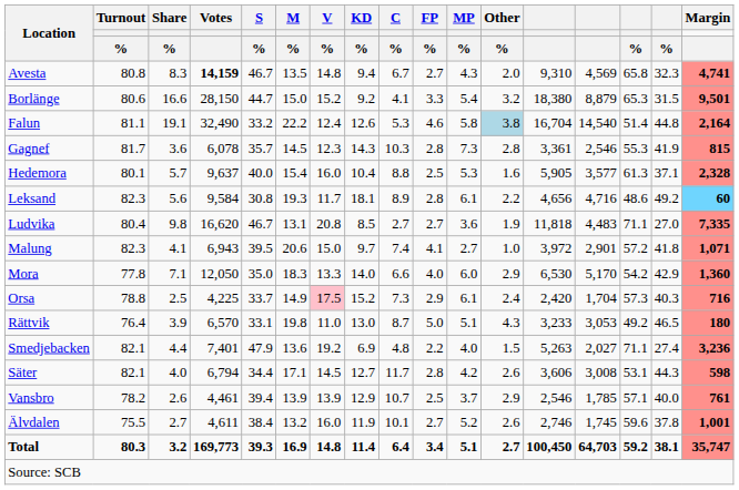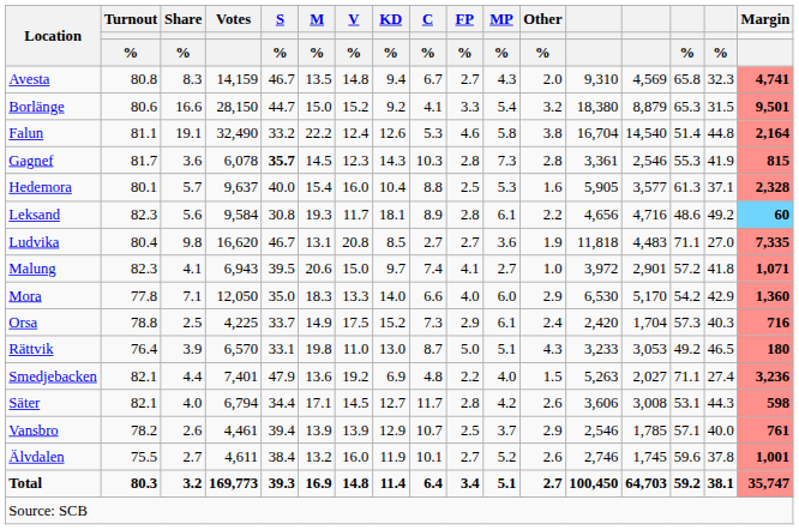 <table class="wikitable sortable" style="text-align:right; font-size:95%; line-height:20px;">
 <tr>
 <th rowspan="3">Location</th>
 <th>Turnout</th>
 <th>Share</th>
 <th>Votes</th>
 <th width="30px" class="unsortable"><a href='#'>S</a></th>
 <th width="30px" class="unsortable"><a href='#'>M</a></th>
 <th width="30px" class="unsortable"><a href='#'>V</a></th>
 <th width="30px" class="unsortable"><a href='#'>KD</a></th>
 <th width="30px" class="unsortable"><a href='#'>C</a></th>
 <th width="30px" class="unsortable"><a href='#'>FP</a></th>
 <th width="30px" class="unsortable"><a href='#'>MP</a></th>
 <th width="30px" class="unsortable">Other</th>
 <th></th>
 <th></th>
 <th></th>
 <th></th>
 <th>Margin</th>
 </tr>
 <tr>
 <th></th>
 <th></th>
 <th></th>
 <th style="background:"></th>
 <th style="background:"></th>
 <th style="background:"></th>
 <th style="background:"></th>
 <th style="background:"></th>
 <th style="background:"></th>
 <th style="background:"></th>
 <th style="background:"></th>
 <th style="background:"></th>
 <th style="background:"></th>
 <th style="background:"></th>
 <th style="background:"></th>
 </tr>
 <tr>
 <th data-sort-type="number">%</th>
 <th data-sort-type="number">%</th>
 <th></th>
 <th data-sort-type="number">%</th>
 <th data-sort-type="number">%</th>
 <th data-sort-type="number">%</th>
 <th data-sort-type="number">%</th>
 <th data-sort-type="number">%</th>
 <th data-sort-type="number">%</th>
 <th data-sort-type="number">%</th>
 <th data-sort-type="number">%</th>
 <th data-sort-type="number"></th>
 <th data-sort-type="number"></th>
 <th data-sort-type="number">%</th>
 <th data-sort-type="number">%</th>
 <th data-sort-type="number"></th>
 </tr>
 <tr>
 <td align=left><a href='#'>Avesta</a></td>
 <td>80.8</td>
 <td>8.3</td>
-<td><strong>14,159</strong></td>
+<td>14,159</td>
 <td>46.7</td>
 <td>13.5</td>
 <td>14.8</td>
 <td>9.4</td>
 <td>6.7</td>
 <td>2.7</td>
 <td>4.3</td>
 <td>2.0</td>
 <td>9,310</td>
 <td>4,569</td>
 <td>65.8</td>
 <td>32.3</td>
 <td bgcolor=#ff908c><strong>4,741</strong></td>
 </tr>
 <tr>
 <td align=left><a href='#'>Borlänge</a></td>
 <td>80.6</td>
 <td>16.6</td>
 <td>28,150</td>
 <td>44.7</td>
 <td>15.0</td>
 <td>15.2</td>
 <td>9.2</td>
 <td>4.1</td>
 <td>3.3</td>
 <td>5.4</td>
 <td>3.2</td>
 <td>18,380</td>
 <td>8,879</td>
 <td>65.3</td>
 <td>31.5</td>
 <td bgcolor=#ff908c><strong>9,501</strong></td>
 </tr>
 <tr>
 <td align=left><a href='#'>Falun</a></td>
 <td>81.1</td>
 <td>19.1</td>
 <td>32,490</td>
 <td>33.2</td>
 <td>22.2</td>
 <td>12.4</td>
 <td>12.6</td>
 <td>5.3</td>
 <td>4.6</td>
 <td>5.8</td>
-<td style="background: lightblue;">3.8</td>
+<td>3.8</td>
 <td>16,704</td>
 <td>14,540</td>
 <td>51.4</td>
 <td>44.8</td>
 <td bgcolor=#ff908c><strong>2,164</strong></td>
 </tr>
 <tr>
 <td align=left><a href='#'>Gagnef</a></td>
 <td>81.7</td>
 <td>3.6</td>
 <td>6,078</td>
-<td>35.7</td>
+<td><strong>35.7</strong></td>
 <td>14.5</td>
 <td>12.3</td>
 <td>14.3</td>
 <td>10.3</td>
 <td>2.8</td>
 <td>7.3</td>
 <td>2.8</td>
 <td>3,361</td>
 <td>2,546</td>
 <td>55.3</td>
 <td>41.9</td>
 <td bgcolor=#ff908c><strong>815</strong></td>
 </tr>
 <tr>
 <td align=left><a href='#'>Hedemora</a></td>
 <td>80.1</td>
 <td>5.7</td>
 <td>9,637</td>
 <td>40.0</td>
 <td>15.4</td>
 <td>16.0</td>
 <td>10.4</td>
 <td>8.8</td>
 <td>2.5</td>
 <td>5.3</td>
 <td>1.6</td>
 <td>5,905</td>
 <td>3,577</td>
 <td>61.3</td>
 <td>37.1</td>
 <td bgcolor=#ff908c><strong>2,328</strong></td>
 </tr>
 <tr>
 <td align=left><a href='#'>Leksand</a></td>
 <td>82.3</td>
 <td>5.6</td>
 <td>9,584</td>
 <td>30.8</td>
 <td>19.3</td>
 <td>11.7</td>
 <td>18.1</td>
 <td>8.9</td>
 <td>2.8</td>
 <td>6.1</td>
 <td>2.2</td>
 <td>4,656</td>
 <td>4,716</td>
 <td>48.6</td>
 <td>49.2</td>
 <td bgcolor=#6fd5fe><strong>60</strong></td>
 </tr>
 <tr>
 <td align=left><a href='#'>Ludvika</a></td>
 <td>80.4</td>
 <td>9.8</td>
 <td>16,620</td>
 <td>46.7</td>
 <td>13.1</td>
 <td>20.8</td>
 <td>8.5</td>
 <td>2.7</td>
 <td>2.7</td>
 <td>3.6</td>
 <td>1.9</td>
 <td>11,818</td>
 <td>4,483</td>
 <td>71.1</td>
 <td>27.0</td>
 <td bgcolor=#ff908c><strong>7,335</strong></td>
 </tr>
 <tr>
 <td align=left><a href='#'>Malung</a></td>
 <td>82.3</td>
 <td>4.1</td>
 <td>6,943</td>
 <td>39.5</td>
 <td>20.6</td>
 <td>15.0</td>
 <td>9.7</td>
 <td>7.4</td>
 <td>4.1</td>
 <td>2.7</td>
 <td>1.0</td>
 <td>3,972</td>
 <td>2,901</td>
 <td>57.2</td>
 <td>41.8</td>
 <td bgcolor=#ff908c><strong>1,071</strong></td>
 </tr>
 <tr>
 <td align=left><a href='#'>Mora</a></td>
 <td>77.8</td>
 <td>7.1</td>
 <td>12,050</td>
 <td>35.0</td>
 <td>18.3</td>
 <td>13.3</td>
 <td>14.0</td>
 <td>6.6</td>
 <td>4.0</td>
 <td>6.0</td>
 <td>2.9</td>
 <td>6,530</td>
 <td>5,170</td>
 <td>54.2</td>
 <td>42.9</td>
 <td bgcolor=#ff908c><strong>1,360</strong></td>
 </tr>
 <tr>
 <td align=left><a href='#'>Orsa</a></td>
 <td>78.8</td>
 <td>2.5</td>
 <td>4,225</td>
 <td>33.7</td>
 <td>14.9</td>
-<td style="background: pink;">17.5</td>
+<td>17.5</td>
 <td>15.2</td>
 <td>7.3</td>
 <td>2.9</td>
 <td>6.1</td>
 <td>2.4</td>
 <td>2,420</td>
 <td>1,704</td>
 <td>57.3</td>
 <td>40.3</td>
 <td bgcolor=#ff908c><strong>716</strong></td>
 </tr>
 <tr>
 <td align=left><a href='#'>Rättvik</a></td>
 <td>76.4</td>
 <td>3.9</td>
 <td>6,570</td>
 <td>33.1</td>
 <td>19.8</td>
 <td>11.0</td>
 <td>13.0</td>
 <td>8.7</td>
 <td>5.0</td>
 <td>5.1</td>
 <td>4.3</td>
 <td>3,233</td>
 <td>3,053</td>
 <td>49.2</td>
 <td>46.5</td>
 <td bgcolor=#ff908c><strong>180</strong></td>
 </tr>
 <tr>
 <td align=left><a href='#'>Smedjebacken</a></td>
 <td>82.1</td>
 <td>4.4</td>
 <td>7,401</td>
 <td>47.9</td>
 <td>13.6</td>
 <td>19.2</td>
 <td>6.9</td>
 <td>4.8</td>
 <td>2.2</td>
 <td>4.0</td>
 <td>1.5</td>
 <td>5,263</td>
 <td>2,027</td>
 <td>71.1</td>
 <td>27.4</td>
 <td bgcolor=#ff908c><strong>3,236</strong></td>
 </tr>
 <tr>
 <td align=left><a href='#'>Säter</a></td>
 <td>82.1</td>
 <td>4.0</td>
 <td>6,794</td>
 <td>34.4</td>
 <td>17.1</td>
 <td>14.5</td>
 <td>12.7</td>
 <td>11.7</td>
 <td>2.8</td>
 <td>4.2</td>
 <td>2.6</td>
 <td>3,606</td>
 <td>3,008</td>
 <td>53.1</td>
 <td>44.3</td>
 <td bgcolor=#ff908c><strong>598</strong></td>
 </tr>
 <tr>
 <td align=left><a href='#'>Vansbro</a></td>
 <td>78.2</td>
 <td>2.6</td>
 <td>4,461</td>
 <td>39.4</td>
 <td>13.9</td>
 <td>13.9</td>
 <td>12.9</td>
 <td>10.7</td>
 <td>2.5</td>
 <td>3.7</td>
 <td>2.9</td>
 <td>2,546</td>
 <td>1,785</td>
 <td>57.1</td>
 <td>40.0</td>
 <td bgcolor=#ff908c><strong>761</strong></td>
 </tr>
 <tr>
 <td align=left><a href='#'>Älvdalen</a></td>
 <td>75.5</td>
 <td>2.7</td>
 <td>4,611</td>
 <td>38.4</td>
 <td>13.2</td>
 <td>16.0</td>
 <td>11.9</td>
 <td>10.1</td>
 <td>2.7</td>
 <td>5.2</td>
 <td>2.6</td>
 <td>2,746</td>
 <td>1,745</td>
 <td>59.6</td>
 <td>37.8</td>
 <td bgcolor=#ff908c><strong>1,001</strong></td>
 </tr>
 <tr>
 <td align=left><strong>Total</strong></td>
 <td><strong>80.3</strong></td>
 <td><strong>3.2</strong></td>
 <td><strong>169,773</strong></td>
 <td><strong>39.3</strong></td>
 <td><strong>16.9</strong></td>
 <td><strong>14.8</strong></td>
 <td><strong>11.4</strong></td>
 <td><strong>6.4</strong></td>
 <td><strong>3.4</strong></td>
 <td><strong>5.1</strong></td>
 <td><strong>2.7</strong></td>
 <td><strong>100,450</strong></td>
 <td><strong>64,703</strong></td>
 <td><strong>59.2</strong></td>
 <td><strong>38.1</strong></td>
 <td bgcolor=#ff908c><strong>35,747</strong></td>
 </tr>
 <tr>
 <td align=left colspan=17>Source: SCB </td>
 </tr>
 </table>
